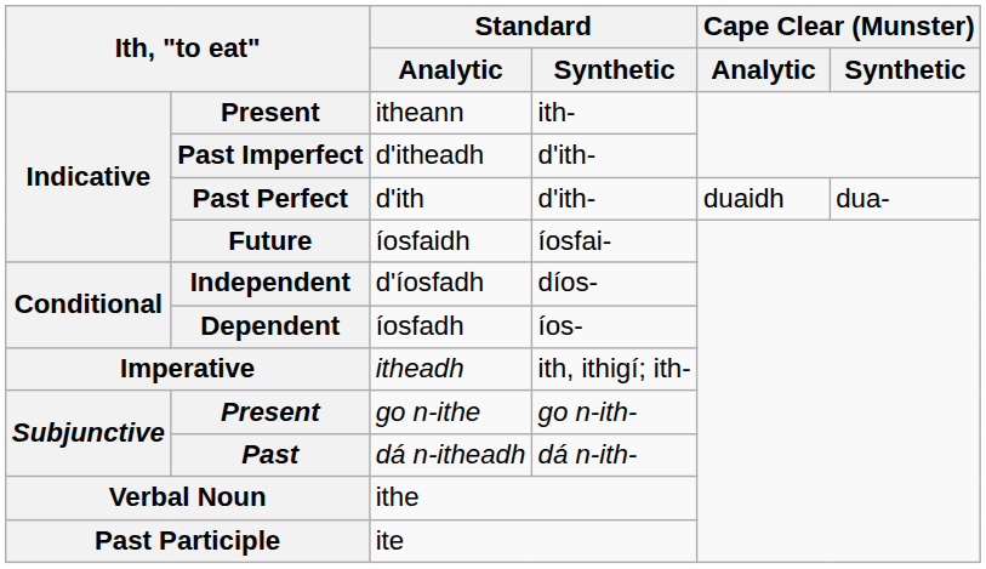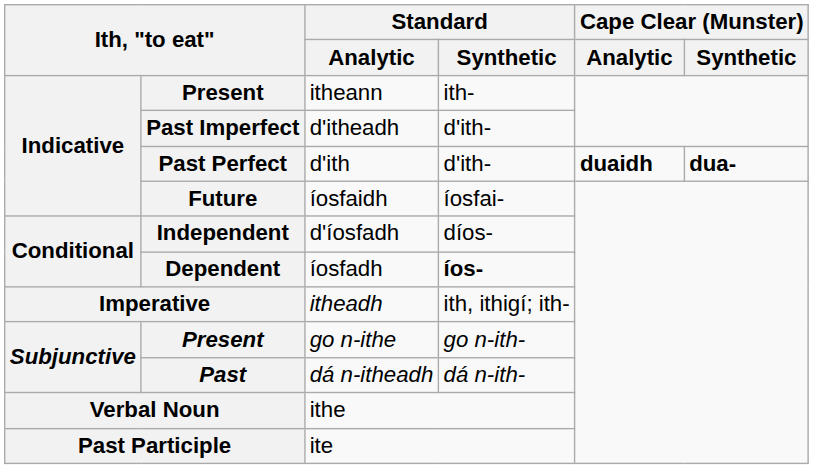 <table class="wikitable mw-collapsible">
 <tr>
 <th colspan="2" rowspan="2">Ith, "to eat"</th>
 <th colspan="2">Standard</th>
 <th colspan="2">Cape Clear (Munster)</th>
 </tr>
 <tr>
 <th>Analytic</th>
 <th>Synthetic</th>
 <th>Analytic</th>
 <th>Synthetic</th>
 </tr>
 <tr>
 <th rowspan="4">Indicative</th>
 <th>Present</th>
 <td>itheann</td>
 <td>ith-</td>
 <td colspan="2" rowspan="2"></td>
 </tr>
 <tr>
 <th>Past Imperfect</th>
 <td>d'itheadh</td>
 <td>d'ith-</td>
 </tr>
 <tr>
 <th>Past Perfect</th>
 <td>d'ith</td>
 <td>d'ith-</td>
-<td>duaidh</td>
-<td>dua-</td>
+<td><strong>duaidh</strong></td>
+<td><strong>dua-</strong></td>
 </tr>
 <tr>
 <th>Future</th>
 <td>íosfaidh</td>
 <td>íosfai-</td>
 <td colspan="2" rowspan="8"></td>
 </tr>
 <tr>
 <th rowspan="2">Conditional</th>
 <th>Independent</th>
 <td>d'íosfadh</td>
 <td>díos-</td>
 </tr>
 <tr>
 <th>Dependent</th>
 <td>íosfadh</td>
-<td>íos-</td>
+<td><strong>íos-</strong></td>
 </tr>
 <tr>
 <th colspan="2">Imperative</th>
 <td><em>itheadh</em></td>
 <td>ith, ithigí; ith-</td>
 </tr>
 <tr>
 <th rowspan="2"><em>Subjunctive</em></th>
 <th><em>Present</em></th>
 <td><em>go n-ithe</em></td>
 <td><em>go n-ith-</em></td>
 </tr>
 <tr>
 <th><em>Past</em></th>
 <td><em>dá n-itheadh</em></td>
 <td><em>dá n-ith-</em></td>
 </tr>
 <tr>
 <th colspan="2">Verbal Noun</th>
 <td colspan="2">ithe</td>
 </tr>
 <tr>
 <th colspan="2">Past Participle</th>
 <td colspan="2">ite</td>
 </tr>
 </table>
